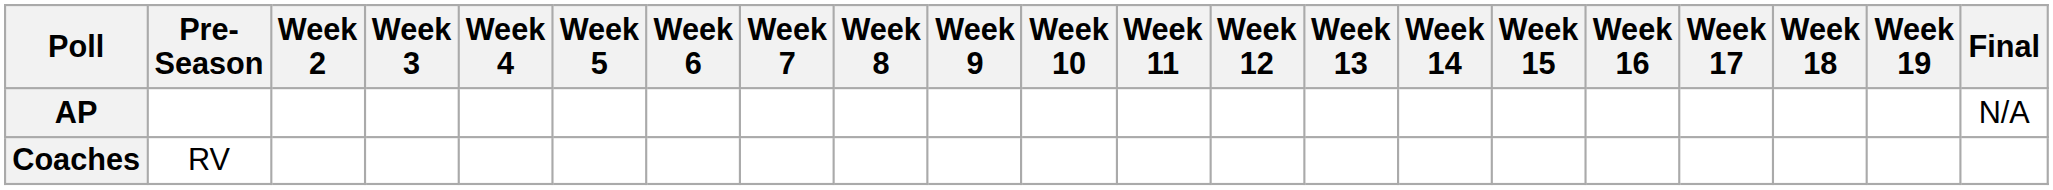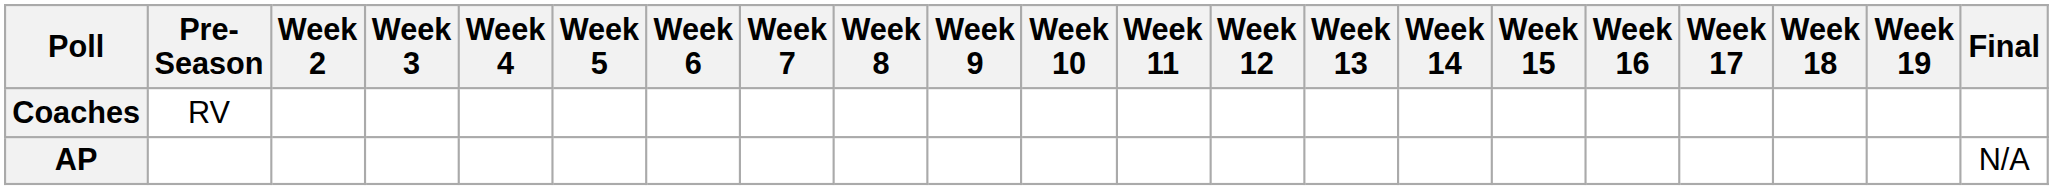 <table class="wikitable" style="white-space:nowrap;font-size:90%">
 <tr>
 <th>Poll</th>
 <th>Pre-<br>Season</th>
 <th>Week<br>2</th>
 <th>Week<br>3</th>
 <th>Week<br>4</th>
 <th>Week<br>5</th>
 <th>Week<br>6</th>
 <th>Week<br>7</th>
 <th>Week<br>8</th>
 <th>Week<br>9</th>
 <th>Week<br>10</th>
 <th>Week<br>11</th>
 <th>Week<br>12</th>
 <th>Week<br>13</th>
 <th>Week<br>14</th>
 <th>Week<br>15</th>
 <th>Week<br>16</th>
 <th>Week<br>17</th>
 <th>Week<br>18</th>
 <th>Week<br>19</th>
 <th>Final</th>
 </tr>
 <tr style="text-align:center;">
+<th>Coaches</th>
+<td style="background:#FFFFFF;">RV</td>
+<td style="background:#FFFFFF;"></td>
+<td style="background:#FFFFFF;"></td>
+<td style="background:#FFFFFF;"></td>
+<td style="background:#FFFFFF;"></td>
+<td style="background:#FFFFFF;"></td>
+<td style="background:#FFFFFF;"></td>
+<td style="background:#FFFFFF;"></td>
+<td style="background:#FFFFFF;"></td>
+<td style="background:#FFFFFF;"></td>
+<td style="background:#FFFFFF;"></td>
+<td style="background:#FFFFFF;"></td>
+<td style="background:#FFFFFF;"></td>
+<td style="background:#FFFFFF;"></td>
+<td style="background:#FFFFFF;"></td>
+<td style="background:#FFFFFF;"></td>
+<td style="background:#FFFFFF;"></td>
+<td style="background:#FFFFFF;"></td>
+<td style="background:#FFFFFF;"></td>
+<td style="background:#FFFFFF;"></td>
+</tr>
+<tr style="text-align:center;">
 <th>AP</th>
 <td style="background:#FFFFFF;"></td>
 <td style="background:#FFFFFF;"></td>
 <td style="background:#FFFFFF;"></td>
 <td style="background:#FFFFFF;"></td>
 <td style="background:#FFFFFF;"></td>
 <td style="background:#FFFFFF;"></td>
 <td style="background:#FFFFFF;"></td>
 <td style="background:#FFFFFF;"></td>
 <td style="background:#FFFFFF;"></td>
 <td style="background:#FFFFFF;"></td>
 <td style="background:#FFFFFF;"></td>
 <td style="background:#FFFFFF;"></td>
 <td style="background:#FFFFFF;"></td>
 <td style="background:#FFFFFF;"></td>
 <td style="background:#FFFFFF;"></td>
 <td style="background:#FFFFFF;"></td>
 <td style="background:#FFFFFF;"></td>
 <td style="background:#FFFFFF;"></td>
 <td style="background:#FFFFFF;"></td>
 <td style="background:#FFFFFF;">N/A</td>
 </tr>
-<tr style="text-align:center;">
-<th>Coaches</th>
-<td style="background:#FFFFFF;">RV</td>
-<td style="background:#FFFFFF;"></td>
-<td style="background:#FFFFFF;"></td>
-<td style="background:#FFFFFF;"></td>
-<td style="background:#FFFFFF;"></td>
-<td style="background:#FFFFFF;"></td>
-<td style="background:#FFFFFF;"></td>
-<td style="background:#FFFFFF;"></td>
-<td style="background:#FFFFFF;"></td>
-<td style="background:#FFFFFF;"></td>
-<td style="background:#FFFFFF;"></td>
-<td style="background:#FFFFFF;"></td>
-<td style="background:#FFFFFF;"></td>
-<td style="background:#FFFFFF;"></td>
-<td style="background:#FFFFFF;"></td>
-<td style="background:#FFFFFF;"></td>
-<td style="background:#FFFFFF;"></td>
-<td style="background:#FFFFFF;"></td>
-<td style="background:#FFFFFF;"></td>
-<td style="background:#FFFFFF;"></td>
-</tr>
 </table>
